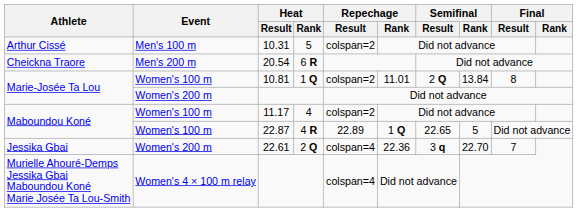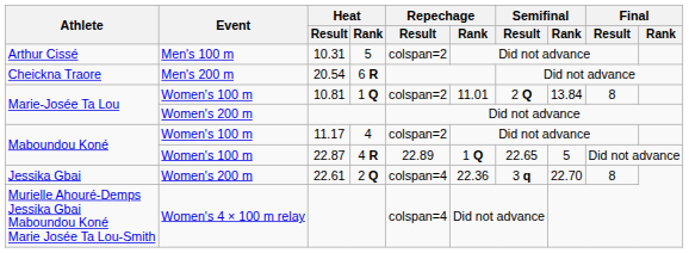 <table class="wikitable" style="font-size:90%">
 <tr>
 <th rowspan="2">Athlete</th>
 <th rowspan="2">Event</th>
 <th colspan="2">Heat</th>
 <th colspan="2">Repechage</th>
 <th colspan="2">Semifinal</th>
 <th colspan="2">Final</th>
 </tr>
 <tr style="font-size:95%">
 <th>Result</th>
 <th>Rank</th>
 <th>Result</th>
 <th>Rank</th>
 <th>Result</th>
 <th>Rank</th>
 <th>Result</th>
 <th>Rank</th>
 </tr>
 <tr align=center>
 <td align=left><a href='#'>Arthur Cissé</a></td>
 <td align=left><a href='#'>Men's 100 m</a></td>
 <td>10.31</td>
 <td>5</td>
 <td>colspan=2 </td>
 <td colspan=4>Did not advance</td>
 </tr>
 <tr align=center>
 <td align=left><a href='#'>Cheickna Traore</a></td>
 <td align=left><a href='#'>Men's 200 m</a></td>
 <td>20.54</td>
 <td>6 <strong>R</strong></td>
 <td colspan=2></td>
 <td colspan=4>Did not advance</td>
 </tr>
 <tr align=center>
 <td align=left rowspan=2><a href='#'>Marie-Josée Ta Lou</a></td>
 <td align=left><a href='#'>Women's 100 m</a></td>
 <td>10.81</td>
 <td>1 <strong>Q</strong></td>
 <td>colspan=2 </td>
 <td>11.01</td>
 <td>2 <strong>Q</strong></td>
 <td>13.84</td>
 <td>8</td>
 </tr>
 <tr align=center>
 <td align=left><a href='#'>Women's 200 m</a></td>
 <td colspan=2></td>
 <td colspan=6>Did not advance</td>
 </tr>
 <tr align=center>
 <td align=left rowspan=2><a href='#'>Maboundou Koné</a></td>
 <td align=left><a href='#'>Women's 100 m</a></td>
 <td>11.17</td>
 <td>4</td>
 <td>colspan=2 </td>
 <td colspan=4>Did not advance</td>
 </tr>
 <tr align=center>
 <td align=left><a href='#'>Women's 100 m</a></td>
 <td>22.87 <strong></strong></td>
 <td>4 <strong>R</strong></td>
 <td>22.89</td>
 <td>1 <strong>Q</strong></td>
 <td>22.65 <strong></strong></td>
 <td>5</td>
 <td colspan=2>Did not advance</td>
 </tr>
 <tr align=center>
 <td align=left><a href='#'>Jessika Gbai</a></td>
 <td align=left><a href='#'>Women's 200 m</a></td>
 <td>22.61</td>
 <td>2 <strong>Q</strong></td>
 <td>colspan=4 </td>
 <td>22.36 <strong></strong></td>
 <td>3 <strong>q</strong></td>
 <td>22.70</td>
-<td>7</td>
+<td>8</td>
 </tr>
 <tr align=center>
 <td align=left><a href='#'>Murielle Ahouré-Demps</a><br><a href='#'>Jessika Gbai</a><br><a href='#'>Maboundou Koné</a><br><a href='#'>Marie Josée Ta Lou-Smith</a></td>
 <td align=left><a href='#'>Women's 4 × 100 m relay</a></td>
 <td colspan=2></td>
 <td>colspan=4 </td>
 <td colspan=2>Did not advance</td>
 </tr>
 </table>
